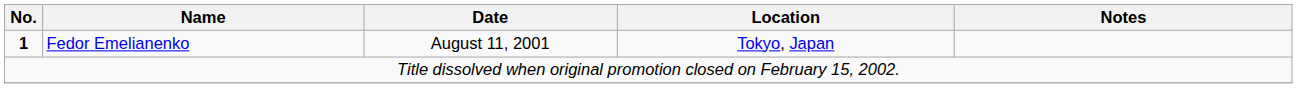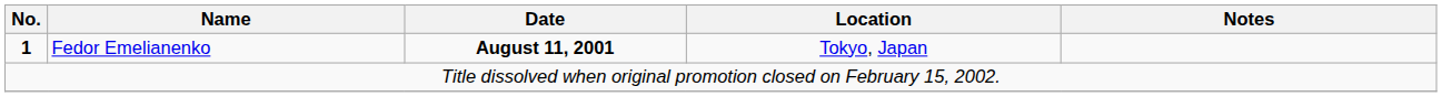 <table class="wikitable"  style="width:99%; text-align:center;">
 <tr>
 <th style="width:1%;">No.</th>
 <th style="width:19%;">Name</th>
 <th style="width:15%;">Date</th>
 <th style="width:20%;">Location</th>
 <th style="width:20%;">Notes</th>
 </tr>
 <tr>
 <td align=center><strong>1</strong></td>
 <td align="left"> <a href='#'>Fedor Emelianenko</a><br></td>
-<td>August 11, 2001<br></td>
+<td><strong>August 11, 2001<br></strong></td>
 <td><a href='#'>Tokyo</a>, <a href='#'>Japan</a></td>
 <td></td>
 </tr>
 <tr>
 <td align="center" colspan="5"><em>Title dissolved when original promotion closed on February 15, 2002.</em></td>
 </tr>
 <tr>
 </tr>
 </table>
